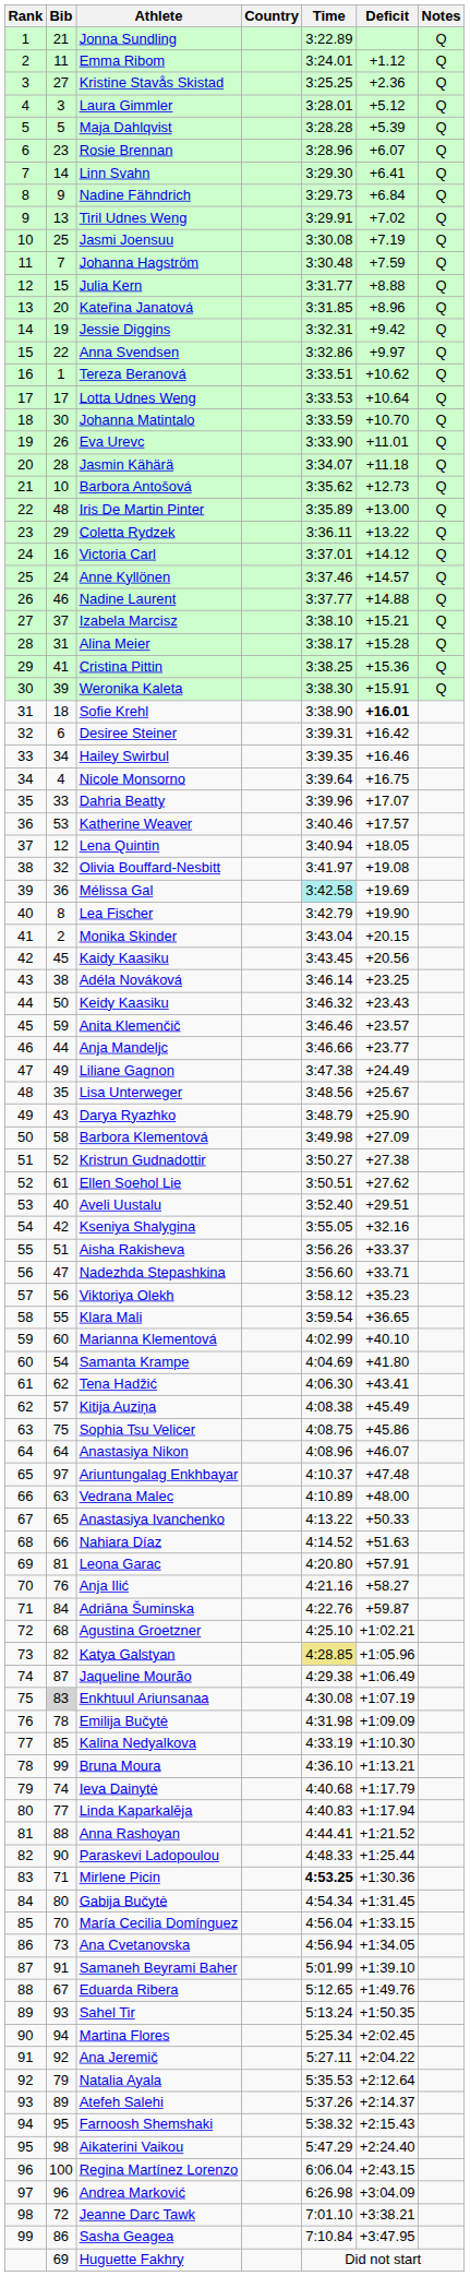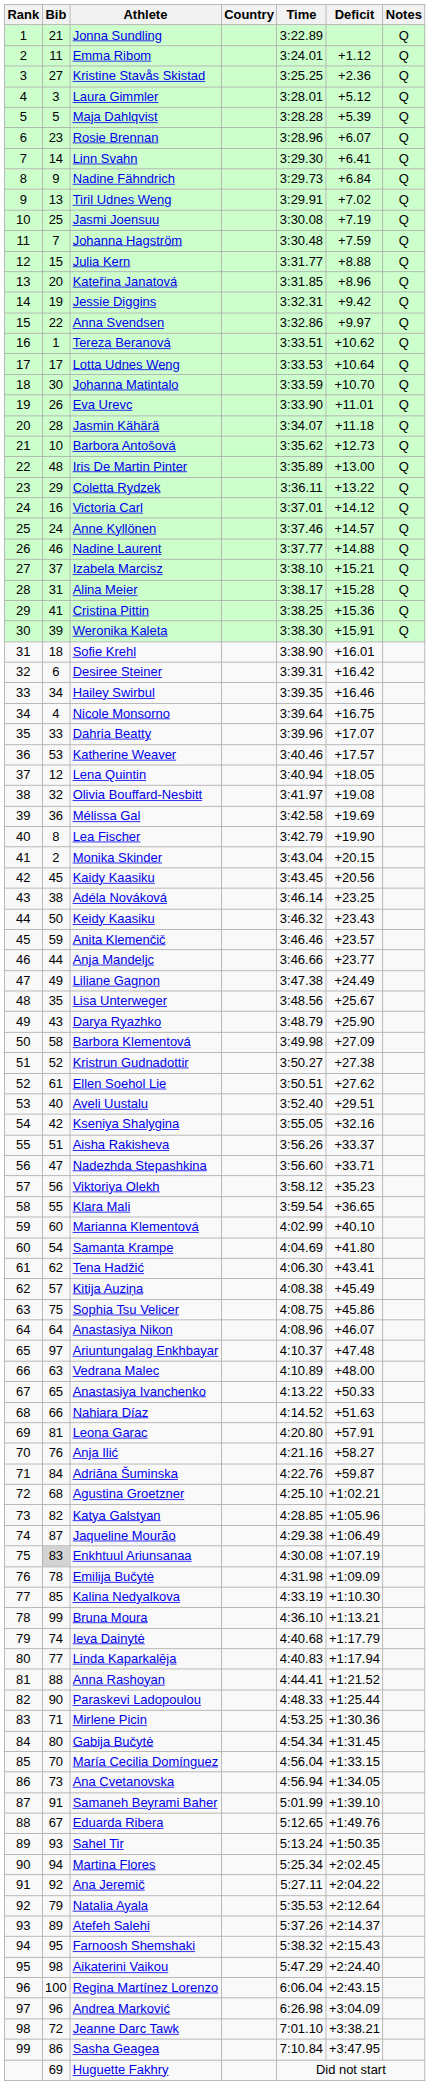 <table class="wikitable sortable" style="text-align:center">
 <tr>
 <th>Rank</th>
 <th>Bib</th>
 <th>Athlete</th>
 <th>Country</th>
 <th>Time</th>
 <th>Deficit</th>
 <th>Notes</th>
 </tr>
 <tr bgcolor=ccffcc>
 <td>1</td>
 <td>21</td>
 <td align=left><a href='#'>Jonna Sundling</a></td>
 <td align=left></td>
 <td>3:22.89</td>
 <td></td>
 <td>Q</td>
 </tr>
 <tr bgcolor=ccffcc>
 <td>2</td>
 <td>11</td>
 <td align=left><a href='#'>Emma Ribom</a></td>
 <td align=left></td>
 <td>3:24.01</td>
 <td>+1.12</td>
 <td>Q</td>
 </tr>
 <tr bgcolor=ccffcc>
 <td>3</td>
 <td>27</td>
 <td align=left><a href='#'>Kristine Stavås Skistad</a></td>
 <td align=left></td>
 <td>3:25.25</td>
 <td>+2.36</td>
 <td>Q</td>
 </tr>
 <tr bgcolor=ccffcc>
 <td>4</td>
 <td>3</td>
 <td align=left><a href='#'>Laura Gimmler</a></td>
 <td align=left></td>
 <td>3:28.01</td>
 <td>+5.12</td>
 <td>Q</td>
 </tr>
 <tr bgcolor=ccffcc>
 <td>5</td>
 <td>5</td>
 <td align=left><a href='#'>Maja Dahlqvist</a></td>
 <td align=left></td>
 <td>3:28.28</td>
 <td>+5.39</td>
 <td>Q</td>
 </tr>
 <tr bgcolor=ccffcc>
 <td>6</td>
 <td>23</td>
 <td align=left><a href='#'>Rosie Brennan</a></td>
 <td align=left></td>
 <td>3:28.96</td>
 <td>+6.07</td>
 <td>Q</td>
 </tr>
 <tr bgcolor=ccffcc>
 <td>7</td>
 <td>14</td>
 <td align=left><a href='#'>Linn Svahn</a></td>
 <td align=left></td>
 <td>3:29.30</td>
 <td>+6.41</td>
 <td>Q</td>
 </tr>
 <tr bgcolor=ccffcc>
 <td>8</td>
 <td>9</td>
 <td align=left><a href='#'>Nadine Fähndrich</a></td>
 <td align=left></td>
 <td>3:29.73</td>
 <td>+6.84</td>
 <td>Q</td>
 </tr>
 <tr bgcolor=ccffcc>
 <td>9</td>
 <td>13</td>
 <td align=left><a href='#'>Tiril Udnes Weng</a></td>
 <td align=left></td>
 <td>3:29.91</td>
 <td>+7.02</td>
 <td>Q</td>
 </tr>
 <tr bgcolor=ccffcc>
 <td>10</td>
 <td>25</td>
 <td align=left><a href='#'>Jasmi Joensuu</a></td>
 <td align=left></td>
 <td>3:30.08</td>
 <td>+7.19</td>
 <td>Q</td>
 </tr>
 <tr bgcolor=ccffcc>
 <td>11</td>
 <td>7</td>
 <td align=left><a href='#'>Johanna Hagström</a></td>
 <td align=left></td>
 <td>3:30.48</td>
 <td>+7.59</td>
 <td>Q</td>
 </tr>
 <tr bgcolor=ccffcc>
 <td>12</td>
 <td>15</td>
 <td align=left><a href='#'>Julia Kern</a></td>
 <td align=left></td>
 <td>3:31.77</td>
 <td>+8.88</td>
 <td>Q</td>
 </tr>
 <tr bgcolor=ccffcc>
 <td>13</td>
 <td>20</td>
 <td align=left><a href='#'>Kateřina Janatová</a></td>
 <td align=left></td>
 <td>3:31.85</td>
 <td>+8.96</td>
 <td>Q</td>
 </tr>
 <tr bgcolor=ccffcc>
 <td>14</td>
 <td>19</td>
 <td align=left><a href='#'>Jessie Diggins</a></td>
 <td align=left></td>
 <td>3:32.31</td>
 <td>+9.42</td>
 <td>Q</td>
 </tr>
 <tr bgcolor=ccffcc>
 <td>15</td>
 <td>22</td>
 <td align=left><a href='#'>Anna Svendsen</a></td>
 <td align=left></td>
 <td>3:32.86</td>
 <td>+9.97</td>
 <td>Q</td>
 </tr>
 <tr bgcolor=ccffcc>
 <td>16</td>
 <td>1</td>
 <td align=left><a href='#'>Tereza Beranová</a></td>
 <td align=left></td>
 <td>3:33.51</td>
 <td>+10.62</td>
 <td>Q</td>
 </tr>
 <tr bgcolor=ccffcc>
 <td>17</td>
 <td>17</td>
 <td align=left><a href='#'>Lotta Udnes Weng</a></td>
 <td align=left></td>
 <td>3:33.53</td>
 <td>+10.64</td>
 <td>Q</td>
 </tr>
 <tr bgcolor=ccffcc>
 <td>18</td>
 <td>30</td>
 <td align=left><a href='#'>Johanna Matintalo</a></td>
 <td align=left></td>
 <td>3:33.59</td>
 <td>+10.70</td>
 <td>Q</td>
 </tr>
 <tr bgcolor=ccffcc>
 <td>19</td>
 <td>26</td>
 <td align=left><a href='#'>Eva Urevc</a></td>
 <td align=left></td>
 <td>3:33.90</td>
 <td>+11.01</td>
 <td>Q</td>
 </tr>
 <tr bgcolor=ccffcc>
 <td>20</td>
 <td>28</td>
 <td align=left><a href='#'>Jasmin Kähärä</a></td>
 <td align=left></td>
 <td>3:34.07</td>
 <td>+11.18</td>
 <td>Q</td>
 </tr>
 <tr bgcolor=ccffcc>
 <td>21</td>
 <td>10</td>
 <td align=left><a href='#'>Barbora Antošová</a></td>
 <td align=left></td>
 <td>3:35.62</td>
 <td>+12.73</td>
 <td>Q</td>
 </tr>
 <tr bgcolor=ccffcc>
 <td>22</td>
 <td>48</td>
 <td align=left><a href='#'>Iris De Martin Pinter</a></td>
 <td align=left></td>
 <td>3:35.89</td>
 <td>+13.00</td>
 <td>Q</td>
 </tr>
 <tr bgcolor=ccffcc>
 <td>23</td>
 <td>29</td>
 <td align=left><a href='#'>Coletta Rydzek</a></td>
 <td align=left></td>
 <td>3:36.11</td>
 <td>+13.22</td>
 <td>Q</td>
 </tr>
 <tr bgcolor=ccffcc>
 <td>24</td>
 <td>16</td>
 <td align=left><a href='#'>Victoria Carl</a></td>
 <td align=left></td>
 <td>3:37.01</td>
 <td>+14.12</td>
 <td>Q</td>
 </tr>
 <tr bgcolor=ccffcc>
 <td>25</td>
 <td>24</td>
 <td align=left><a href='#'>Anne Kyllönen</a></td>
 <td align=left></td>
 <td>3:37.46</td>
 <td>+14.57</td>
 <td>Q</td>
 </tr>
 <tr bgcolor=ccffcc>
 <td>26</td>
 <td>46</td>
 <td align=left><a href='#'>Nadine Laurent</a></td>
 <td align=left></td>
 <td>3:37.77</td>
 <td>+14.88</td>
 <td>Q</td>
 </tr>
 <tr bgcolor=ccffcc>
 <td>27</td>
 <td>37</td>
 <td align=left><a href='#'>Izabela Marcisz</a></td>
 <td align=left></td>
 <td>3:38.10</td>
 <td>+15.21</td>
 <td>Q</td>
 </tr>
 <tr bgcolor=ccffcc>
 <td>28</td>
 <td>31</td>
 <td align=left><a href='#'>Alina Meier</a></td>
 <td align=left></td>
 <td>3:38.17</td>
 <td>+15.28</td>
 <td>Q</td>
 </tr>
 <tr bgcolor=ccffcc>
 <td>29</td>
 <td>41</td>
 <td align=left><a href='#'>Cristina Pittin</a></td>
 <td align=left></td>
 <td>3:38.25</td>
 <td>+15.36</td>
 <td>Q</td>
 </tr>
 <tr bgcolor=ccffcc>
 <td>30</td>
 <td>39</td>
 <td align=left><a href='#'>Weronika Kaleta</a></td>
 <td align=left></td>
 <td>3:38.30</td>
 <td>+15.91</td>
 <td>Q</td>
 </tr>
 <tr>
 <td>31</td>
 <td>18</td>
 <td align=left><a href='#'>Sofie Krehl</a></td>
 <td align=left></td>
 <td>3:38.90</td>
-<td><strong>+16.01</strong></td>
+<td>+16.01</td>
 <td></td>
 </tr>
 <tr>
 <td>32</td>
 <td>6</td>
 <td align=left><a href='#'>Desiree Steiner</a></td>
 <td align=left></td>
 <td>3:39.31</td>
 <td>+16.42</td>
 <td></td>
 </tr>
 <tr>
 <td>33</td>
 <td>34</td>
 <td align=left><a href='#'>Hailey Swirbul</a></td>
 <td align=left></td>
 <td>3:39.35</td>
 <td>+16.46</td>
 <td></td>
 </tr>
 <tr>
 <td>34</td>
 <td>4</td>
 <td align=left><a href='#'>Nicole Monsorno</a></td>
 <td align=left></td>
 <td>3:39.64</td>
 <td>+16.75</td>
 <td></td>
 </tr>
 <tr>
 <td>35</td>
 <td>33</td>
 <td align=left><a href='#'>Dahria Beatty</a></td>
 <td align=left></td>
 <td>3:39.96</td>
 <td>+17.07</td>
 <td></td>
 </tr>
 <tr>
 <td>36</td>
 <td>53</td>
 <td align=left><a href='#'>Katherine Weaver</a></td>
 <td align=left></td>
 <td>3:40.46</td>
 <td>+17.57</td>
 <td></td>
 </tr>
 <tr>
 <td>37</td>
 <td>12</td>
 <td align=left><a href='#'>Lena Quintin</a></td>
 <td align=left></td>
 <td>3:40.94</td>
 <td>+18.05</td>
 <td></td>
 </tr>
 <tr>
 <td>38</td>
 <td>32</td>
 <td align=left><a href='#'>Olivia Bouffard-Nesbitt</a></td>
 <td align=left></td>
 <td>3:41.97</td>
 <td>+19.08</td>
 <td></td>
 </tr>
 <tr>
 <td>39</td>
 <td>36</td>
 <td align=left><a href='#'>Mélissa Gal</a></td>
 <td align=left></td>
-<td style="background: paleturquoise;">3:42.58</td>
+<td>3:42.58</td>
 <td>+19.69</td>
 <td></td>
 </tr>
 <tr>
 <td>40</td>
 <td>8</td>
 <td align=left><a href='#'>Lea Fischer</a></td>
 <td align=left></td>
 <td>3:42.79</td>
 <td>+19.90</td>
 <td></td>
 </tr>
 <tr>
 <td>41</td>
 <td>2</td>
 <td align=left><a href='#'>Monika Skinder</a></td>
 <td align=left></td>
 <td>3:43.04</td>
 <td>+20.15</td>
 <td></td>
 </tr>
 <tr>
 <td>42</td>
 <td>45</td>
 <td align=left><a href='#'>Kaidy Kaasiku</a></td>
 <td align=left></td>
 <td>3:43.45</td>
 <td>+20.56</td>
 <td></td>
 </tr>
 <tr>
 <td>43</td>
 <td>38</td>
 <td align=left><a href='#'>Adéla Nováková</a></td>
 <td align=left></td>
 <td>3:46.14</td>
 <td>+23.25</td>
 <td></td>
 </tr>
 <tr>
 <td>44</td>
 <td>50</td>
 <td align=left><a href='#'>Keidy Kaasiku</a></td>
 <td align=left></td>
 <td>3:46.32</td>
 <td>+23.43</td>
 <td></td>
 </tr>
 <tr>
 <td>45</td>
 <td>59</td>
 <td align=left><a href='#'>Anita Klemenčič</a></td>
 <td align=left></td>
 <td>3:46.46</td>
 <td>+23.57</td>
 <td></td>
 </tr>
 <tr>
 <td>46</td>
 <td>44</td>
 <td align=left><a href='#'>Anja Mandeljc</a></td>
 <td align=left></td>
 <td>3:46.66</td>
 <td>+23.77</td>
 <td></td>
 </tr>
 <tr>
 <td>47</td>
 <td>49</td>
 <td align=left><a href='#'>Liliane Gagnon</a></td>
 <td align=left></td>
 <td>3:47.38</td>
 <td>+24.49</td>
 <td></td>
 </tr>
 <tr>
 <td>48</td>
 <td>35</td>
 <td align=left><a href='#'>Lisa Unterweger</a></td>
 <td align=left></td>
 <td>3:48.56</td>
 <td>+25.67</td>
 <td></td>
 </tr>
 <tr>
 <td>49</td>
 <td>43</td>
 <td align=left><a href='#'>Darya Ryazhko</a></td>
 <td align=left></td>
 <td>3:48.79</td>
 <td>+25.90</td>
 <td></td>
 </tr>
 <tr>
 <td>50</td>
 <td>58</td>
 <td align=left><a href='#'>Barbora Klementová</a></td>
 <td align=left></td>
 <td>3:49.98</td>
 <td>+27.09</td>
 <td></td>
 </tr>
 <tr>
 <td>51</td>
 <td>52</td>
 <td align=left><a href='#'>Kristrun Gudnadottir</a></td>
 <td align=left></td>
 <td>3:50.27</td>
 <td>+27.38</td>
 <td></td>
 </tr>
 <tr>
 <td>52</td>
 <td>61</td>
 <td align=left><a href='#'>Ellen Soehol Lie</a></td>
 <td align=left></td>
 <td>3:50.51</td>
 <td>+27.62</td>
 <td></td>
 </tr>
 <tr>
 <td>53</td>
 <td>40</td>
 <td align=left><a href='#'>Aveli Uustalu</a></td>
 <td align=left></td>
 <td>3:52.40</td>
 <td>+29.51</td>
 <td></td>
 </tr>
 <tr>
 <td>54</td>
 <td>42</td>
 <td align=left><a href='#'>Kseniya Shalygina</a></td>
 <td align=left></td>
 <td>3:55.05</td>
 <td>+32.16</td>
 <td></td>
 </tr>
 <tr>
 <td>55</td>
 <td>51</td>
 <td align=left><a href='#'>Aisha Rakisheva</a></td>
 <td align=left></td>
 <td>3:56.26</td>
 <td>+33.37</td>
 <td></td>
 </tr>
 <tr>
 <td>56</td>
 <td>47</td>
 <td align=left><a href='#'>Nadezhda Stepashkina</a></td>
 <td align=left></td>
 <td>3:56.60</td>
 <td>+33.71</td>
 <td></td>
 </tr>
 <tr>
 <td>57</td>
 <td>56</td>
 <td align=left><a href='#'>Viktoriya Olekh</a></td>
 <td align=left></td>
 <td>3:58.12</td>
 <td>+35.23</td>
 <td></td>
 </tr>
 <tr>
 <td>58</td>
 <td>55</td>
 <td align=left><a href='#'>Klara Mali</a></td>
 <td align=left></td>
 <td>3:59.54</td>
 <td>+36.65</td>
 <td></td>
 </tr>
 <tr>
 <td>59</td>
 <td>60</td>
 <td align=left><a href='#'>Marianna Klementová</a></td>
 <td align=left></td>
 <td>4:02.99</td>
 <td>+40.10</td>
 <td></td>
 </tr>
 <tr>
 <td>60</td>
 <td>54</td>
 <td align=left><a href='#'>Samanta Krampe</a></td>
 <td align=left></td>
 <td>4:04.69</td>
 <td>+41.80</td>
 <td></td>
 </tr>
 <tr>
 <td>61</td>
 <td>62</td>
 <td align=left><a href='#'>Tena Hadžić</a></td>
 <td align=left></td>
 <td>4:06.30</td>
 <td>+43.41</td>
 <td></td>
 </tr>
 <tr>
 <td>62</td>
 <td>57</td>
 <td align=left><a href='#'>Kitija Auziņa</a></td>
 <td align=left></td>
 <td>4:08.38</td>
 <td>+45.49</td>
 <td></td>
 </tr>
 <tr>
 <td>63</td>
 <td>75</td>
 <td align=left><a href='#'>Sophia Tsu Velicer</a></td>
 <td align=left></td>
 <td>4:08.75</td>
 <td>+45.86</td>
 <td></td>
 </tr>
 <tr>
 <td>64</td>
 <td>64</td>
 <td align=left><a href='#'>Anastasiya Nikon</a></td>
 <td align=left></td>
 <td>4:08.96</td>
 <td>+46.07</td>
 <td></td>
 </tr>
 <tr>
 <td>65</td>
 <td>97</td>
 <td align=left><a href='#'>Ariuntungalag Enkhbayar</a></td>
 <td align=left></td>
 <td>4:10.37</td>
 <td>+47.48</td>
 <td></td>
 </tr>
 <tr>
 <td>66</td>
 <td>63</td>
 <td align=left><a href='#'>Vedrana Malec</a></td>
 <td align=left></td>
 <td>4:10.89</td>
 <td>+48.00</td>
 <td></td>
 </tr>
 <tr>
 <td>67</td>
 <td>65</td>
 <td align=left><a href='#'>Anastasiya Ivanchenko</a></td>
 <td align=left></td>
 <td>4:13.22</td>
 <td>+50.33</td>
 <td></td>
 </tr>
 <tr>
 <td>68</td>
 <td>66</td>
 <td align=left><a href='#'>Nahiara Díaz</a></td>
 <td align=left></td>
 <td>4:14.52</td>
 <td>+51.63</td>
 <td></td>
 </tr>
 <tr>
 <td>69</td>
 <td>81</td>
 <td align=left><a href='#'>Leona Garac</a></td>
 <td align=left></td>
 <td>4:20.80</td>
 <td>+57.91</td>
 <td></td>
 </tr>
 <tr>
 <td>70</td>
 <td>76</td>
 <td align=left><a href='#'>Anja Ilić</a></td>
 <td align=left></td>
 <td>4:21.16</td>
 <td>+58.27</td>
 <td></td>
 </tr>
 <tr>
 <td>71</td>
 <td>84</td>
 <td align=left><a href='#'>Adriāna Šuminska</a></td>
 <td align=left></td>
 <td>4:22.76</td>
 <td>+59.87</td>
 <td></td>
 </tr>
 <tr>
 <td>72</td>
 <td>68</td>
 <td align=left><a href='#'>Agustina Groetzner</a></td>
 <td align=left></td>
 <td>4:25.10</td>
 <td>+1:02.21</td>
 <td></td>
 </tr>
 <tr>
 <td>73</td>
 <td>82</td>
 <td align=left><a href='#'>Katya Galstyan</a></td>
 <td align=left></td>
-<td style="background: khaki;">4:28.85</td>
+<td>4:28.85</td>
 <td>+1:05.96</td>
 <td></td>
 </tr>
 <tr>
 <td>74</td>
 <td>87</td>
 <td align=left><a href='#'>Jaqueline Mourão</a></td>
 <td align=left></td>
 <td>4:29.38</td>
 <td>+1:06.49</td>
 <td></td>
 </tr>
 <tr>
 <td>75</td>
 <td style="background: lightgrey;">83</td>
 <td align=left><a href='#'>Enkhtuul Ariunsanaa</a></td>
 <td align=left></td>
 <td>4:30.08</td>
 <td>+1:07.19</td>
 <td></td>
 </tr>
 <tr>
 <td>76</td>
 <td>78</td>
 <td align=left><a href='#'>Emilija Bučytė</a></td>
 <td align=left></td>
 <td>4:31.98</td>
 <td>+1:09.09</td>
 <td></td>
 </tr>
 <tr>
 <td>77</td>
 <td>85</td>
 <td align=left><a href='#'>Kalina Nedyalkova</a></td>
 <td align=left></td>
 <td>4:33.19</td>
 <td>+1:10.30</td>
 <td></td>
 </tr>
 <tr>
 <td>78</td>
 <td>99</td>
 <td align=left><a href='#'>Bruna Moura</a></td>
 <td align=left></td>
 <td>4:36.10</td>
 <td>+1:13.21</td>
 <td></td>
 </tr>
 <tr>
 <td>79</td>
 <td>74</td>
 <td align=left><a href='#'>Ieva Dainytė</a></td>
 <td align=left></td>
 <td>4:40.68</td>
 <td>+1:17.79</td>
 <td></td>
 </tr>
 <tr>
 <td>80</td>
 <td>77</td>
 <td align=left><a href='#'>Linda Kaparkalēja</a></td>
 <td align=left></td>
 <td>4:40.83</td>
 <td>+1:17.94</td>
 <td></td>
 </tr>
 <tr>
 <td>81</td>
 <td>88</td>
 <td align=left><a href='#'>Anna Rashoyan</a></td>
 <td align=left></td>
 <td>4:44.41</td>
 <td>+1:21.52</td>
 <td></td>
 </tr>
 <tr>
 <td>82</td>
 <td>90</td>
 <td align=left><a href='#'>Paraskevi Ladopoulou</a></td>
 <td align=left></td>
 <td>4:48.33</td>
 <td>+1:25.44</td>
 <td></td>
 </tr>
 <tr>
 <td>83</td>
 <td>71</td>
 <td align=left><a href='#'>Mirlene Picin</a></td>
 <td align=left></td>
-<td><strong>4:53.25</strong></td>
+<td>4:53.25</td>
 <td>+1:30.36</td>
 <td></td>
 </tr>
 <tr>
 <td>84</td>
 <td>80</td>
 <td align=left><a href='#'>Gabija Bučytė</a></td>
 <td align=left></td>
 <td>4:54.34</td>
 <td>+1:31.45</td>
 <td></td>
 </tr>
 <tr>
 <td>85</td>
 <td>70</td>
 <td align=left><a href='#'>María Cecilia Domínguez</a></td>
 <td align=left></td>
 <td>4:56.04</td>
 <td>+1:33.15</td>
 <td></td>
 </tr>
 <tr>
 <td>86</td>
 <td>73</td>
 <td align=left><a href='#'>Ana Cvetanovska</a></td>
 <td align=left></td>
 <td>4:56.94</td>
 <td>+1:34.05</td>
 <td></td>
 </tr>
 <tr>
 <td>87</td>
 <td>91</td>
 <td align=left><a href='#'>Samaneh Beyrami Baher</a></td>
 <td align=left></td>
 <td>5:01.99</td>
 <td>+1:39.10</td>
 <td></td>
 </tr>
 <tr>
 <td>88</td>
 <td>67</td>
 <td align=left><a href='#'>Eduarda Ribera</a></td>
 <td align=left></td>
 <td>5:12.65</td>
 <td>+1:49.76</td>
 <td></td>
 </tr>
 <tr>
 <td>89</td>
 <td>93</td>
 <td align=left><a href='#'>Sahel Tir</a></td>
 <td align=left></td>
 <td>5:13.24</td>
 <td>+1:50.35</td>
 <td></td>
 </tr>
 <tr>
 <td>90</td>
 <td>94</td>
 <td align=left><a href='#'>Martina Flores</a></td>
 <td align=left></td>
 <td>5:25.34</td>
 <td>+2:02.45</td>
 <td></td>
 </tr>
 <tr>
 <td>91</td>
 <td>92</td>
 <td align=left><a href='#'>Ana Jeremič</a></td>
 <td align=left></td>
 <td>5:27.11</td>
 <td>+2:04.22</td>
 <td></td>
 </tr>
 <tr>
 <td>92</td>
 <td>79</td>
 <td align=left><a href='#'>Natalia Ayala</a></td>
 <td align=left></td>
 <td>5:35.53</td>
 <td>+2:12.64</td>
 <td></td>
 </tr>
 <tr>
 <td>93</td>
 <td>89</td>
 <td align=left><a href='#'>Atefeh Salehi</a></td>
 <td align=left></td>
 <td>5:37.26</td>
 <td>+2:14.37</td>
 <td></td>
 </tr>
 <tr>
 <td>94</td>
 <td>95</td>
 <td align=left><a href='#'>Farnoosh Shemshaki</a></td>
 <td align=left></td>
 <td>5:38.32</td>
 <td>+2:15.43</td>
 <td></td>
 </tr>
 <tr>
 <td>95</td>
 <td>98</td>
 <td align=left><a href='#'>Aikaterini Vaikou</a></td>
 <td align=left></td>
 <td>5:47.29</td>
 <td>+2:24.40</td>
 <td></td>
 </tr>
 <tr>
 <td>96</td>
 <td>100</td>
 <td align=left><a href='#'>Regina Martínez Lorenzo</a></td>
 <td align=left></td>
 <td>6:06.04</td>
 <td>+2:43.15</td>
 <td></td>
 </tr>
 <tr>
 <td>97</td>
 <td>96</td>
 <td align=left><a href='#'>Andrea Marković</a></td>
 <td align=left></td>
 <td>6:26.98</td>
 <td>+3:04.09</td>
 <td></td>
 </tr>
 <tr>
 <td>98</td>
 <td>72</td>
 <td align=left><a href='#'>Jeanne Darc Tawk</a></td>
 <td align=left></td>
 <td>7:01.10</td>
 <td>+3:38.21</td>
 <td></td>
 </tr>
 <tr>
 <td>99</td>
 <td>86</td>
 <td align=left><a href='#'>Sasha Geagea</a></td>
 <td align=left></td>
 <td>7:10.84</td>
 <td>+3:47.95</td>
 <td></td>
 </tr>
 <tr>
 <td></td>
 <td>69</td>
 <td align=left><a href='#'>Huguette Fakhry</a></td>
 <td align=left></td>
 <td colspan=3>Did not start</td>
 </tr>
 </table>
